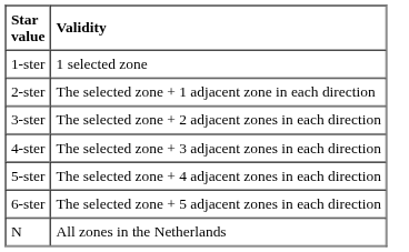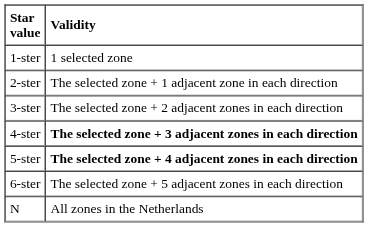 <table border="1" cellpadding="5" cellspacing="0" style="background-color:#f7f8ff border-collapse:collapse;">
 <tr>
 <td><strong>Star<br>value</strong></td>
 <td><strong>Validity</strong></td>
 </tr>
 <tr>
 <td>1-ster</td>
 <td>1 selected zone</td>
 </tr>
 <tr>
 <td>2-ster</td>
 <td>The selected zone + 1 adjacent zone in each direction</td>
 </tr>
 <tr>
 <td>3-ster</td>
 <td>The selected zone + 2 adjacent zones in each direction</td>
 </tr>
 <tr>
 <td>4-ster</td>
-<td>The selected zone + 3 adjacent zones in each direction</td>
+<td><strong>The selected zone + 3 adjacent zones in each direction</strong></td>
 </tr>
 <tr>
 <td>5-ster</td>
-<td>The selected zone + 4 adjacent zones in each direction</td>
+<td><strong>The selected zone + 4 adjacent zones in each direction</strong></td>
 </tr>
 <tr>
 <td>6-ster</td>
 <td>The selected zone + 5 adjacent zones in each direction</td>
 </tr>
 <tr>
 <td>N</td>
 <td>All zones in the Netherlands</td>
 </tr>
 <tr>
 </tr>
 </table>
